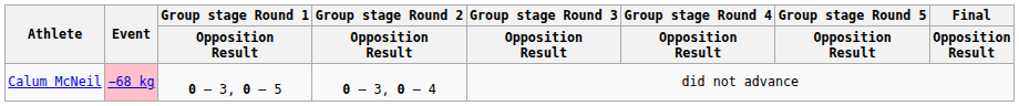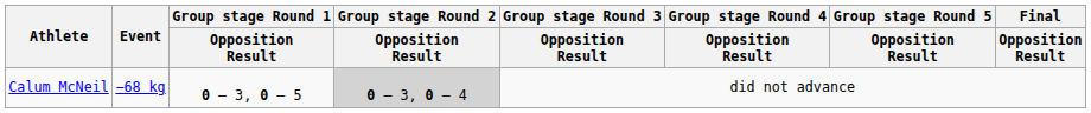 <table class="wikitable" style="font-size:90%">
 <tr>
 <th rowspan=2>Athlete</th>
 <th rowspan=2>Event</th>
 <th>Group stage Round 1</th>
 <th>Group stage Round 2</th>
 <th>Group stage Round 3</th>
 <th>Group stage Round 4</th>
 <th>Group stage Round 5</th>
 <th>Final</th>
 </tr>
 <tr>
 <th>Opposition<br>Result</th>
 <th>Opposition<br>Result</th>
 <th>Opposition<br>Result</th>
 <th>Opposition<br>Result</th>
 <th>Opposition<br>Result</th>
 <th>Opposition<br>Result</th>
 </tr>
 <tr>
 <td><a href='#'>Calum McNeil</a></td>
-<td style="background: pink;"><a href='#'>−68 kg</a></td>
+<td><a href='#'>−68 kg</a></td>
 <td align=center> <br> <strong>0</strong> – 3, <strong>0</strong> – 5</td>
-<td align=center> <br> <strong>0</strong> – 3, <strong>0</strong> – 4</td>
+<td align=center style="background: lightgrey;"> <br> <strong>0</strong> – 3, <strong>0</strong> – 4</td>
 <td style="text-align:center;" colspan="4">did not advance</td>
 </tr>
 </table>
